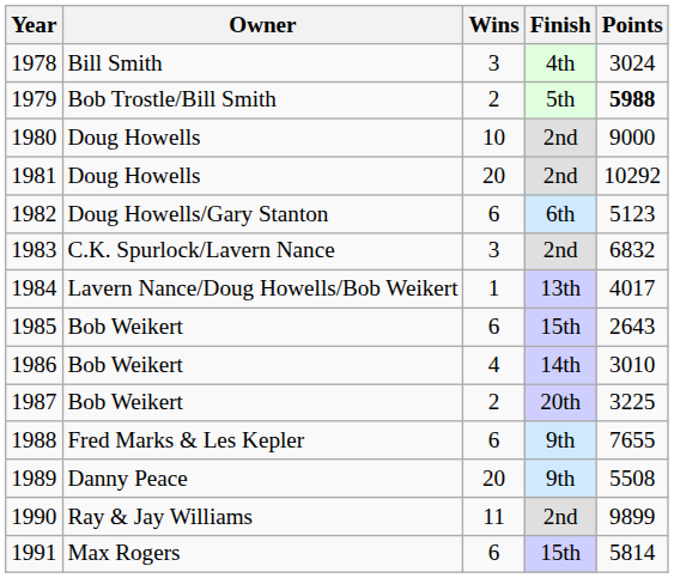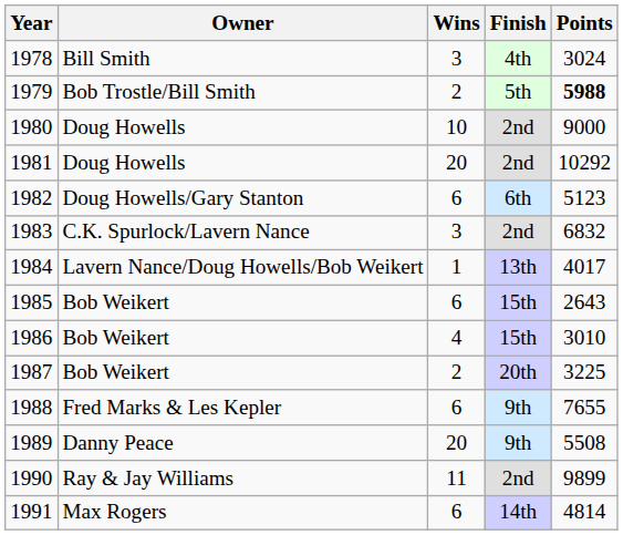 <table class="wikitable" style="font-size: 90%;">
 <tr>
 <th>Year</th>
 <th>Owner</th>
 <th>Wins</th>
 <th>Finish</th>
 <th>Points</th>
 </tr>
 <tr>
 <td>1978</td>
 <td>Bill Smith</td>
 <td align=center>3</td>
 <td align=center style="background:#DFFFDF;">4th</td>
 <td align=center>3024</td>
 </tr>
 <tr>
 <td>1979</td>
 <td>Bob Trostle/Bill Smith</td>
 <td align=center>2</td>
 <td align=center style="background:#DFFFDF;">5th</td>
 <td align=center><strong>5988</strong></td>
 </tr>
 <tr>
 <td>1980</td>
 <td>Doug Howells</td>
 <td align=center>10</td>
 <td align=center style="background:#DFDFDF;">2nd</td>
 <td align=center>9000</td>
 </tr>
 <tr>
 <td>1981</td>
 <td>Doug Howells</td>
 <td align=center>20</td>
 <td align=center style="background:#DFDFDF;">2nd</td>
 <td align=center>10292</td>
 </tr>
 <tr>
 <td>1982</td>
 <td>Doug Howells/Gary Stanton</td>
 <td align=center>6</td>
 <td align=center style="background:#CFEAFF;">6th</td>
 <td align=center>5123</td>
 </tr>
 <tr>
 <td>1983</td>
 <td>C.K. Spurlock/Lavern Nance</td>
 <td align=center>3</td>
 <td align=center style="background:#DFDFDF;">2nd</td>
 <td align=center>6832</td>
 </tr>
 <tr>
 <td>1984</td>
 <td>Lavern Nance/Doug Howells/Bob Weikert</td>
 <td align=center>1</td>
 <td align=center style="background:#CFCFFF;">13th</td>
 <td align=center>4017</td>
 </tr>
 <tr>
 <td>1985</td>
 <td>Bob Weikert</td>
 <td align=center>6</td>
 <td align=center style="background:#CFCFFF;">15th</td>
 <td align=center>2643</td>
 </tr>
 <tr>
 <td>1986</td>
 <td>Bob Weikert</td>
 <td align=center>4</td>
-<td align=center style="background:#CFCFFF;">14th</td>
+<td align=center style="background:#CFCFFF;">15th</td>
 <td align=center>3010</td>
 </tr>
 <tr>
 <td>1987</td>
 <td>Bob Weikert</td>
 <td align=center>2</td>
 <td align=center style="background:#CFCFFF;">20th</td>
 <td align=center>3225</td>
 </tr>
 <tr>
 <td>1988</td>
 <td>Fred Marks & Les Kepler</td>
 <td align=center>6</td>
 <td align=center style="background:#CFEAFF;">9th</td>
 <td align=center>7655</td>
 </tr>
 <tr>
 <td>1989</td>
 <td>Danny Peace</td>
 <td align=center>20</td>
 <td align=center style="background:#CFEAFF;">9th</td>
 <td align=center>5508</td>
 </tr>
 <tr>
 <td>1990</td>
 <td>Ray & Jay Williams</td>
 <td align=center>11</td>
 <td align=center style="background:#DFDFDF;">2nd</td>
 <td align=center>9899</td>
 </tr>
 <tr>
 <td>1991</td>
 <td>Max Rogers</td>
 <td align=center>6</td>
-<td align=center style="background:#CFCFFF;">15th</td>
-<td align=center>5814</td>
+<td align=center style="background:#CFCFFF;">14th</td>
+<td align=center>4814</td>
 </tr>
 </table>
